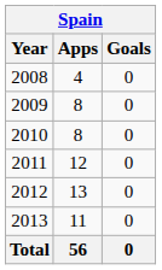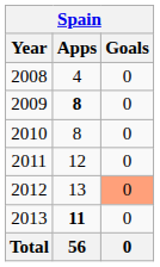 <table class="wikitable" style="text-align:center">
 <tr>
 <th colspan=3><a href='#'>Spain</a></th>
 </tr>
 <tr>
 <th>Year</th>
 <th>Apps</th>
 <th>Goals</th>
 </tr>
 <tr>
 <td>2008</td>
 <td>4</td>
 <td>0</td>
 </tr>
 <tr>
 <td>2009</td>
-<td>8</td>
+<td><strong>8</strong></td>
 <td>0</td>
 </tr>
 <tr>
 <td>2010</td>
 <td>8</td>
 <td>0</td>
 </tr>
 <tr>
 <td>2011</td>
 <td>12</td>
 <td>0</td>
 </tr>
 <tr>
 <td>2012</td>
 <td>13</td>
-<td>0</td>
+<td style="background: lightsalmon;">0</td>
 </tr>
 <tr>
 <td>2013</td>
-<td>11</td>
+<td><strong>11</strong></td>
 <td>0</td>
 </tr>
 <tr>
 <th>Total</th>
 <th>56</th>
 <th>0</th>
 </tr>
 </table>
